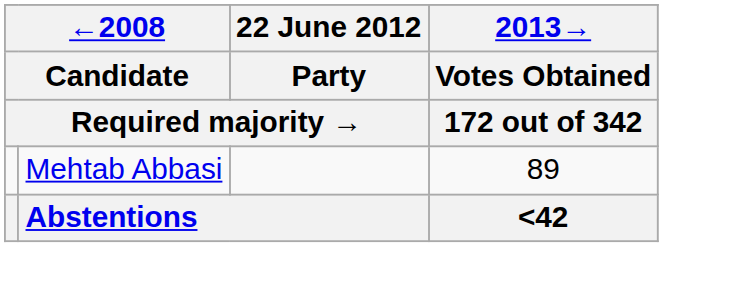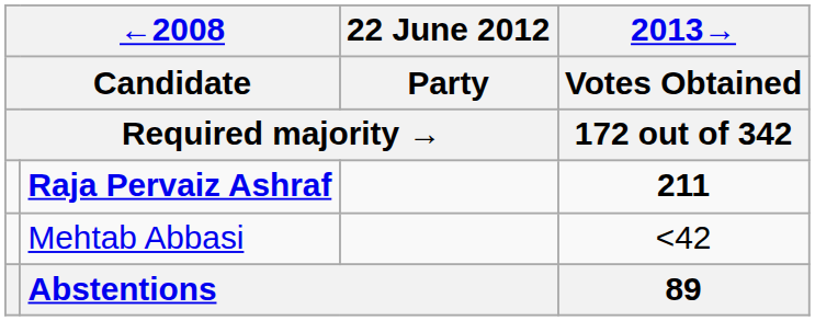 <table class="wikitable">
 <tr>
 <th colspan=2><a href='#'>←2008</a></th>
 <th>22 June 2012</th>
 <th><a href='#'>2013→</a></th>
 </tr>
 <tr>
 <th colspan=2>Candidate</th>
 <th>Party</th>
 <th>Votes Obtained</th>
 </tr>
 <tr>
 <th colspan=3>Required majority →</th>
 <th>172 out of 342</th>
 </tr>
 <tr>
 <td></td>
+<td><strong><a href='#'>Raja Pervaiz Ashraf</a></strong></td>
+<td></td>
+<td style="text-align:center;"><strong>211</strong> </td>
+</tr>
+<tr>
+<td></td>
 <td><a href='#'>Mehtab Abbasi</a></td>
 <td></td>
-<td style="text-align:center;">89 </td>
+<td style="text-align:center;"><42</td>
 </tr>
 <tr class=sortbottom style="background:#f2f2f2; font-weight:bold">
 <td></td>
 <td colspan=2><a href='#'>Abstentions</a></td>
-<td style="text-align:center;"><42</td>
+<td style="text-align:center;">89 </td>
 </tr>
 </table>
